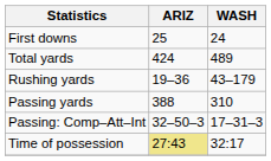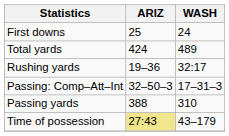 <table class="wikitable" style="float: left;">
 <tr>
 <th>Statistics</th>
 <th>ARIZ</th>
 <th>WASH</th>
 </tr>
 <tr>
 <td>First downs</td>
 <td>25</td>
 <td>24</td>
 </tr>
 <tr>
 <td>Total yards</td>
 <td>424</td>
 <td>489</td>
 </tr>
 <tr>
 <td>Rushing yards</td>
 <td>19–36</td>
-<td>43–179</td>
+<td>32:17</td>
+</tr>
+<tr>
+<td>Passing: Comp–Att–Int</td>
+<td>32–50–3</td>
+<td>17–31–3</td>
 </tr>
 <tr>
 <td>Passing yards</td>
 <td>388</td>
 <td>310</td>
 </tr>
 <tr>
-<td>Passing: Comp–Att–Int</td>
-<td>32–50–3</td>
-<td>17–31–3</td>
-</tr>
-<tr>
 <td>Time of possession</td>
 <td style="background: khaki;">27:43</td>
-<td>32:17</td>
+<td>43–179</td>
 </tr>
 <tr>
 </tr>
 </table>
